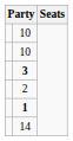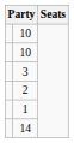 <table class="wikitable" style="font-size: 95%;">
 <tr>
 <th colspan=2>Party</th>
 <th>Seats</th>
 </tr>
 <tr>
 <td></td>
 <td align="center">10</td>
 </tr>
 <tr>
 <td></td>
 <td align="center">10</td>
 </tr>
 <tr>
 <td></td>
-<td align="center"><strong>3</strong></td>
+<td align="center">3</td>
 </tr>
 <tr>
 <td></td>
 <td align="center">2</td>
 </tr>
 <tr>
 <td></td>
-<td align="center"><strong>1</strong></td>
+<td align="center">1</td>
 </tr>
 <tr>
 <td></td>
 <td align="center">14</td>
 </tr>
 </table>
